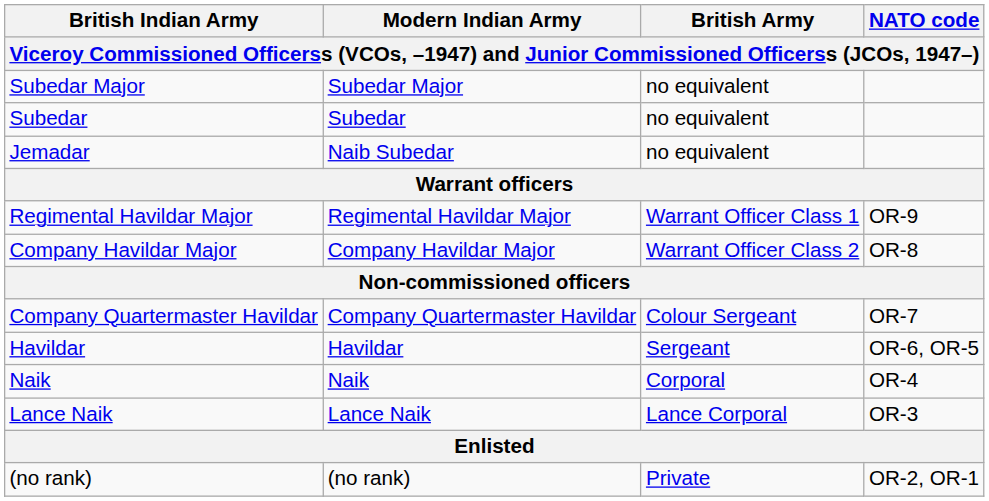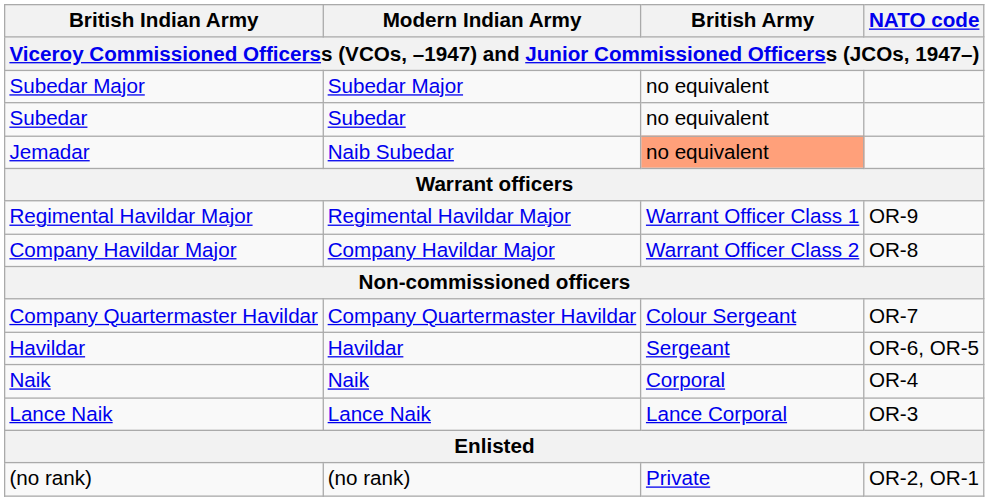 <table class=wikitable>
 <tr>
 <th>British Indian Army</th>
 <th>Modern Indian Army</th>
 <th>British Army</th>
 <th><a href='#'>NATO code</a></th>
 </tr>
 <tr>
 <th colspan=4><a href='#'>Viceroy Commissioned Officers</a>s (VCOs, –1947) and <a href='#'>Junior Commissioned Officers</a>s (JCOs, 1947–)</th>
 </tr>
 <tr>
 <td><a href='#'>Subedar Major</a></td>
 <td><a href='#'>Subedar Major</a></td>
 <td>no equivalent</td>
 <td></td>
 </tr>
 <tr>
 <td><a href='#'>Subedar</a></td>
 <td><a href='#'>Subedar</a></td>
 <td>no equivalent</td>
 <td></td>
 </tr>
 <tr>
 <td><a href='#'>Jemadar</a></td>
 <td><a href='#'>Naib Subedar</a></td>
-<td>no equivalent</td>
+<td style="background: lightsalmon;">no equivalent</td>
 <td></td>
 </tr>
 <tr>
 <th colspan=4>Warrant officers</th>
 </tr>
 <tr>
 <td><a href='#'>Regimental Havildar Major</a></td>
 <td><a href='#'>Regimental Havildar Major</a></td>
 <td><a href='#'>Warrant Officer Class 1</a></td>
 <td>OR-9</td>
 </tr>
 <tr>
 <td><a href='#'>Company Havildar Major</a></td>
 <td><a href='#'>Company Havildar Major</a></td>
 <td><a href='#'>Warrant Officer Class 2</a></td>
 <td>OR-8</td>
 </tr>
 <tr>
 <th colspan=4>Non-commissioned officers</th>
 </tr>
 <tr>
 <td><a href='#'>Company Quartermaster Havildar</a></td>
 <td><a href='#'>Company Quartermaster Havildar</a></td>
 <td><a href='#'>Colour Sergeant</a></td>
 <td>OR-7</td>
 </tr>
 <tr>
 <td><a href='#'>Havildar</a></td>
 <td><a href='#'>Havildar</a></td>
 <td><a href='#'>Sergeant</a></td>
 <td>OR-6, OR-5</td>
 </tr>
 <tr>
 <td><a href='#'>Naik</a></td>
 <td><a href='#'>Naik</a></td>
 <td><a href='#'>Corporal</a></td>
 <td>OR-4</td>
 </tr>
 <tr>
 <td><a href='#'>Lance Naik</a></td>
 <td><a href='#'>Lance Naik</a></td>
 <td><a href='#'>Lance Corporal</a></td>
 <td>OR-3</td>
 </tr>
 <tr>
 <th colspan=4>Enlisted</th>
 </tr>
 <tr>
 <td>(no rank)</td>
 <td>(no rank)</td>
 <td><a href='#'>Private</a></td>
 <td>OR-2, OR-1</td>
 </tr>
 </table>
